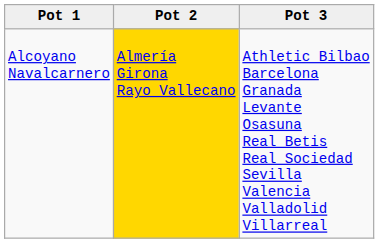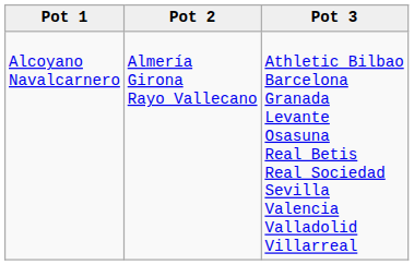 <table class="wikitable" style="font-size:90%">
 <tr bgcolor=#efefef align=center>
 <td><strong>Pot 1</strong><br></td>
 <td><strong>Pot 2</strong><br></td>
 <td><strong>Pot 3</strong><br></td>
 </tr>
 <tr valign=top>
 <td><br><a href='#'>Alcoyano</a><br> <a href='#'>Navalcarnero</a></td>
-<td style="background: gold;"><br><a href='#'>Almería</a><br> <a href='#'>Girona</a><br> <a href='#'>Rayo Vallecano</a></td>
+<td><br><a href='#'>Almería</a><br> <a href='#'>Girona</a><br> <a href='#'>Rayo Vallecano</a></td>
 <td><br><a href='#'>Athletic Bilbao</a><br> <a href='#'>Barcelona</a><br> <a href='#'>Granada</a><br> <a href='#'>Levante</a><br> <a href='#'>Osasuna</a><br> <a href='#'>Real Betis</a><br> <a href='#'>Real Sociedad</a><br> <a href='#'>Sevilla</a><br> <a href='#'>Valencia</a><br> <a href='#'>Valladolid</a><br> <a href='#'>Villarreal</a></td>
 </tr>
 </table>
